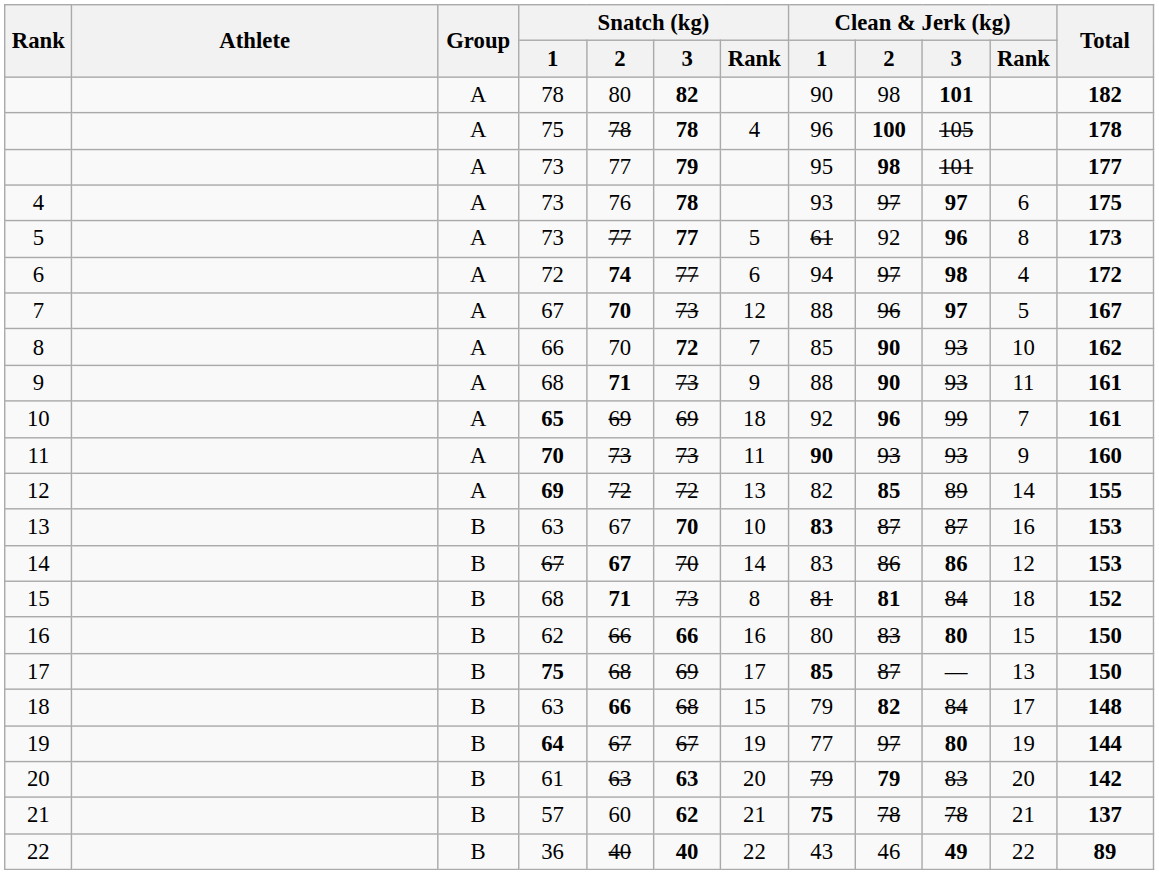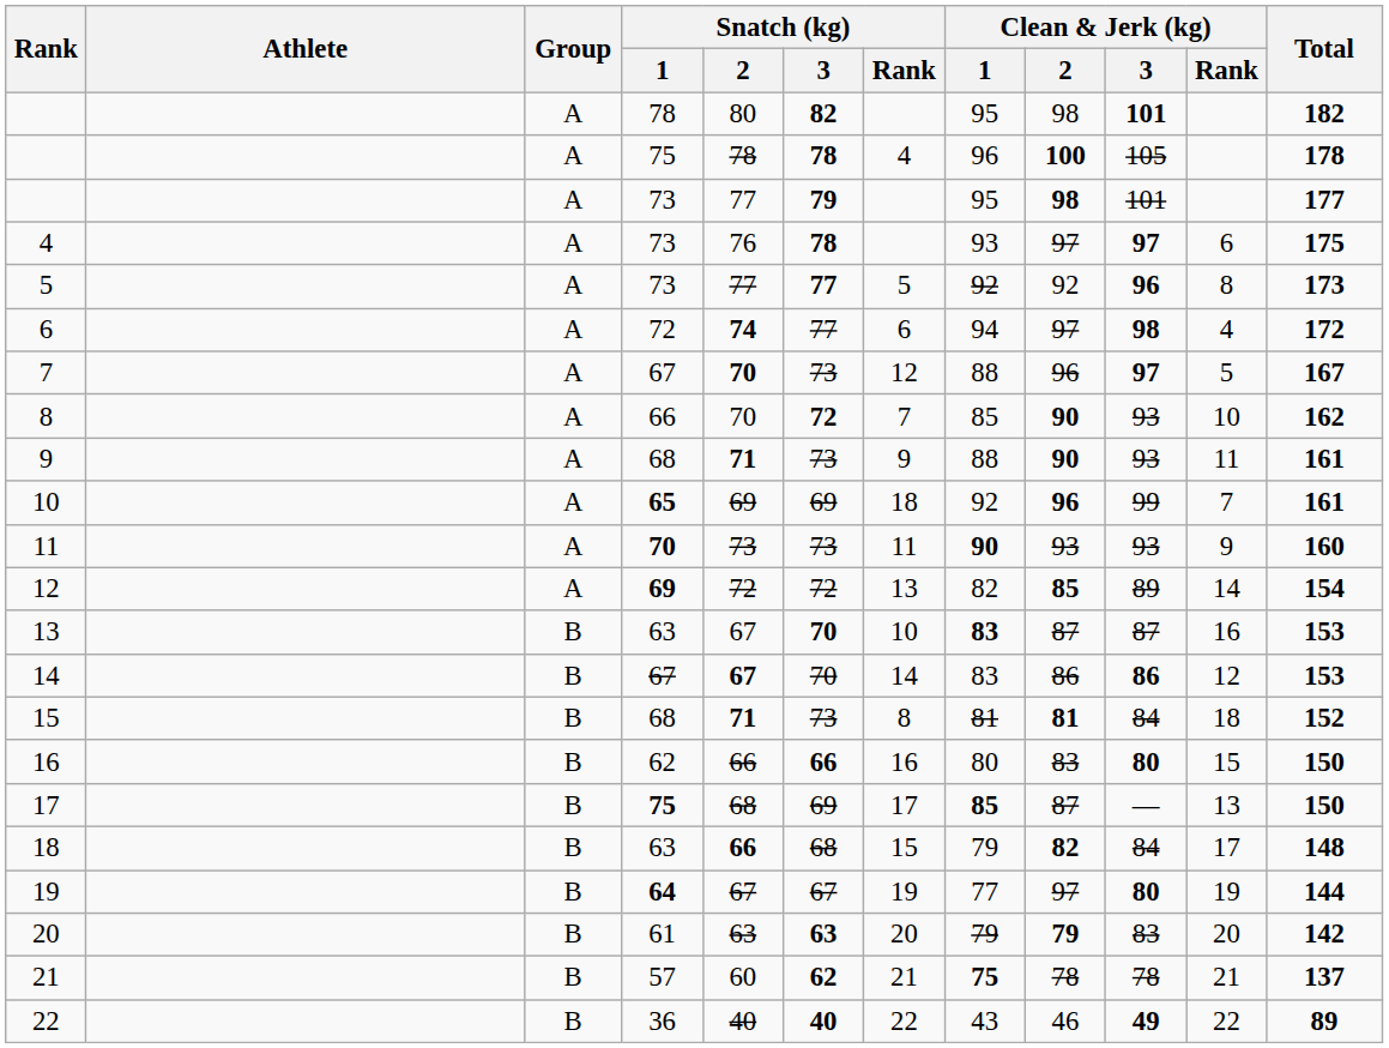 <table class = "wikitable" style="text-align:center;">
 <tr>
 <th rowspan=2 width=40>Rank</th>
 <th rowspan=2 width=250>Athlete</th>
 <th rowspan=2 width=50>Group</th>
 <th colspan=4>Snatch (kg)</th>
 <th colspan=4>Clean & Jerk (kg)</th>
 <th rowspan=2 width=60>Total</th>
 </tr>
 <tr>
 <th width=40>1</th>
 <th width=40>2</th>
 <th width=40>3</th>
 <th width=40>Rank</th>
 <th width=40>1</th>
 <th width=40>2</th>
 <th width=40>3</th>
 <th width=40>Rank</th>
 </tr>
 <tr>
 <td></td>
 <td align=left></td>
 <td>A</td>
 <td>78</td>
 <td>80</td>
 <td><strong>82</strong></td>
 <td></td>
-<td>90</td>
+<td>95</td>
 <td>98</td>
 <td><strong>101</strong></td>
 <td></td>
 <td><strong>182</strong></td>
 </tr>
 <tr>
 <td></td>
 <td align=left></td>
 <td>A</td>
 <td>75</td>
 <td><s>78</s></td>
 <td><strong>78</strong></td>
 <td>4</td>
 <td>96</td>
 <td><strong>100</strong></td>
 <td><s>105</s></td>
 <td></td>
 <td><strong>178</strong></td>
 </tr>
 <tr>
 <td></td>
 <td align=left></td>
 <td>A</td>
 <td>73</td>
 <td>77</td>
 <td><strong>79</strong></td>
 <td></td>
 <td>95</td>
 <td><strong>98</strong></td>
 <td><s>101</s></td>
 <td></td>
 <td><strong>177</strong></td>
 </tr>
 <tr>
 <td>4</td>
 <td align=left></td>
 <td>A</td>
 <td>73</td>
 <td>76</td>
 <td><strong>78</strong></td>
 <td></td>
 <td>93</td>
 <td><s>97</s></td>
 <td><strong>97</strong></td>
 <td>6</td>
 <td><strong>175</strong></td>
 </tr>
 <tr>
 <td>5</td>
 <td align=left></td>
 <td>A</td>
 <td>73</td>
 <td><s>77</s></td>
 <td><strong>77</strong></td>
 <td>5</td>
-<td><s>61</s></td>
+<td><s>92</s></td>
 <td>92</td>
 <td><strong>96</strong></td>
 <td>8</td>
 <td><strong>173</strong></td>
 </tr>
 <tr>
 <td>6</td>
 <td align=left></td>
 <td>A</td>
 <td>72</td>
 <td><strong>74</strong></td>
 <td><s>77</s></td>
 <td>6</td>
 <td>94</td>
 <td><s>97</s></td>
 <td><strong>98</strong></td>
 <td>4</td>
 <td><strong>172</strong></td>
 </tr>
 <tr>
 <td>7</td>
 <td align=left></td>
 <td>A</td>
 <td>67</td>
 <td><strong>70</strong></td>
 <td><s>73</s></td>
 <td>12</td>
 <td>88</td>
 <td><s>96</s></td>
 <td><strong>97</strong></td>
 <td>5</td>
 <td><strong>167</strong></td>
 </tr>
 <tr>
 <td>8</td>
 <td align=left></td>
 <td>A</td>
 <td>66</td>
 <td>70</td>
 <td><strong>72</strong></td>
 <td>7</td>
 <td>85</td>
 <td><strong>90</strong></td>
 <td><s>93</s></td>
 <td>10</td>
 <td><strong>162</strong></td>
 </tr>
 <tr>
 <td>9</td>
 <td align=left></td>
 <td>A</td>
 <td>68</td>
 <td><strong>71</strong></td>
 <td><s>73</s></td>
 <td>9</td>
 <td>88</td>
 <td><strong>90</strong></td>
 <td><s>93</s></td>
 <td>11</td>
 <td><strong>161</strong></td>
 </tr>
 <tr>
 <td>10</td>
 <td align=left></td>
 <td>A</td>
 <td><strong>65</strong></td>
 <td><s>69</s></td>
 <td><s>69</s></td>
 <td>18</td>
 <td>92</td>
 <td><strong>96</strong></td>
 <td><s>99</s></td>
 <td>7</td>
 <td><strong>161</strong></td>
 </tr>
 <tr>
 <td>11</td>
 <td align=left></td>
 <td>A</td>
 <td><strong>70</strong></td>
 <td><s>73</s></td>
 <td><s>73</s></td>
 <td>11</td>
 <td><strong>90</strong></td>
 <td><s>93</s></td>
 <td><s>93</s></td>
 <td>9</td>
 <td><strong>160</strong></td>
 </tr>
 <tr>
 <td>12</td>
 <td align=left></td>
 <td>A</td>
 <td><strong>69</strong></td>
 <td><s>72</s></td>
 <td><s>72</s></td>
 <td>13</td>
 <td>82</td>
 <td><strong>85</strong></td>
 <td><s>89</s></td>
 <td>14</td>
-<td><strong>155</strong></td>
+<td><strong>154</strong></td>
 </tr>
 <tr>
 <td>13</td>
 <td align=left></td>
 <td>B</td>
 <td>63</td>
 <td>67</td>
 <td><strong>70</strong></td>
 <td>10</td>
 <td><strong>83</strong></td>
 <td><s>87</s></td>
 <td><s>87</s></td>
 <td>16</td>
 <td><strong>153</strong></td>
 </tr>
 <tr>
 <td>14</td>
 <td align=left></td>
 <td>B</td>
 <td><s>67</s></td>
 <td><strong>67</strong></td>
 <td><s>70</s></td>
 <td>14</td>
 <td>83</td>
 <td><s>86</s></td>
 <td><strong>86</strong></td>
 <td>12</td>
 <td><strong>153</strong></td>
 </tr>
 <tr>
 <td>15</td>
 <td align=left></td>
 <td>B</td>
 <td>68</td>
 <td><strong>71</strong></td>
 <td><s>73</s></td>
 <td>8</td>
 <td><s>81</s></td>
 <td><strong>81</strong></td>
 <td><s>84</s></td>
 <td>18</td>
 <td><strong>152</strong></td>
 </tr>
 <tr>
 <td>16</td>
 <td align=left></td>
 <td>B</td>
 <td>62</td>
 <td><s>66</s></td>
 <td><strong>66</strong></td>
 <td>16</td>
 <td>80</td>
 <td><s>83</s></td>
 <td><strong>80</strong></td>
 <td>15</td>
 <td><strong>150</strong></td>
 </tr>
 <tr>
 <td>17</td>
 <td align=left></td>
 <td>B</td>
 <td><strong>75</strong></td>
 <td><s>68</s></td>
 <td><s>69</s></td>
 <td>17</td>
 <td><strong>85</strong></td>
 <td><s>87</s></td>
 <td>—</td>
 <td>13</td>
 <td><strong>150</strong></td>
 </tr>
 <tr>
 <td>18</td>
 <td align=left></td>
 <td>B</td>
 <td>63</td>
 <td><strong>66</strong></td>
 <td><s>68</s></td>
 <td>15</td>
 <td>79</td>
 <td><strong>82</strong></td>
 <td><s>84</s></td>
 <td>17</td>
 <td><strong>148</strong></td>
 </tr>
 <tr>
 <td>19</td>
 <td align=left></td>
 <td>B</td>
 <td><strong>64</strong></td>
 <td><s>67</s></td>
 <td><s>67</s></td>
 <td>19</td>
 <td>77</td>
 <td><s>97</s></td>
 <td><strong>80</strong></td>
 <td>19</td>
 <td><strong>144</strong></td>
 </tr>
 <tr>
 <td>20</td>
 <td align=left></td>
 <td>B</td>
 <td>61</td>
 <td><s>63</s></td>
 <td><strong>63</strong></td>
 <td>20</td>
 <td><s>79</s></td>
 <td><strong>79</strong></td>
 <td><s>83</s></td>
 <td>20</td>
 <td><strong>142</strong></td>
 </tr>
 <tr>
 <td>21</td>
 <td align=left></td>
 <td>B</td>
 <td>57</td>
 <td>60</td>
 <td><strong>62</strong></td>
 <td>21</td>
 <td><strong>75</strong></td>
 <td><s>78</s></td>
 <td><s>78</s></td>
 <td>21</td>
 <td><strong>137</strong></td>
 </tr>
 <tr>
 <td>22</td>
 <td align=left></td>
 <td>B</td>
 <td>36</td>
 <td><s>40</s></td>
 <td><strong>40</strong></td>
 <td>22</td>
 <td>43</td>
 <td>46</td>
 <td><strong>49</strong></td>
 <td>22</td>
 <td><strong>89</strong></td>
 </tr>
 </table>
